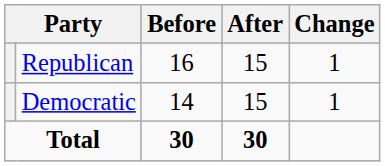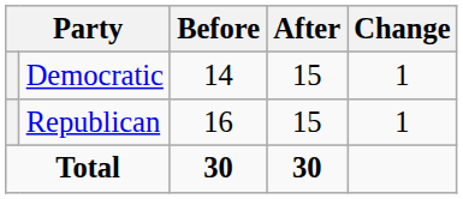 <table class="wikitable" style="text-align:center;">
 <tr>
 <th colspan="2">Party</th>
 <th>Before</th>
 <th>After</th>
 <th>Change</th>
 </tr>
 <tr>
 <th style="background-color:"></th>
-<td style="text-align:left;"><a href='#'>Republican</a></td>
-<td>16</td>
+<td style="text-align:left;"><a href='#'>Democratic</a></td>
+<td>14</td>
 <td>15</td>
 <td> 1</td>
 </tr>
 <tr>
 <th style="background-color:"></th>
-<td style="text-align:left;"><a href='#'>Democratic</a></td>
-<td>14</td>
+<td style="text-align:left;"><a href='#'>Republican</a></td>
+<td>16</td>
 <td>15</td>
 <td> 1</td>
 </tr>
 <tr>
 <td colspan="2"><strong>Total</strong></td>
 <td><strong>30</strong></td>
 <td><strong>30</strong></td>
 <td></td>
 </tr>
 </table>
